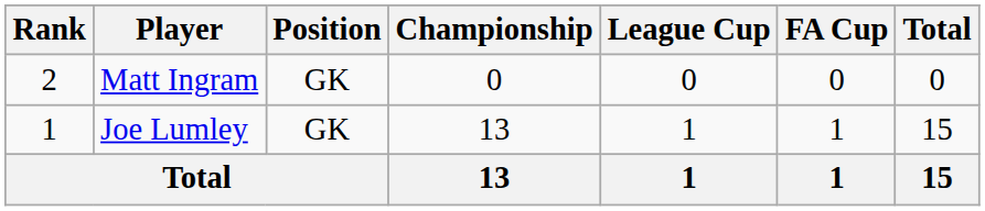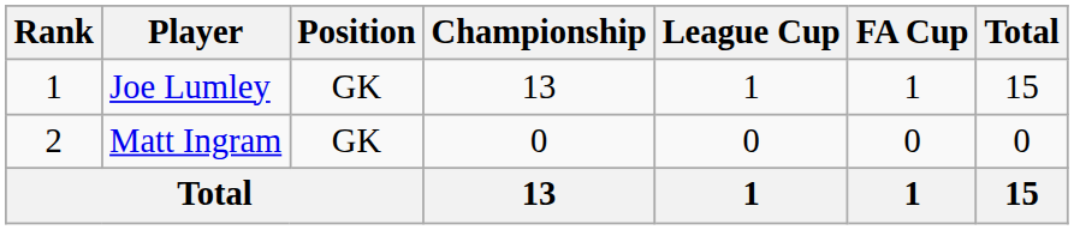 <table class="wikitable">
 <tr>
 <th>Rank</th>
 <th>Player</th>
 <th>Position</th>
 <th>Championship</th>
 <th>League Cup</th>
 <th>FA Cup</th>
 <th>Total</th>
 </tr>
 <tr>
+<td align=center valign=top rowspan=1>1</td>
+<td> <a href='#'>Joe Lumley</a></td>
+<td align=center>GK</td>
+<td align=center>13</td>
+<td align=center>1</td>
+<td align=center>1</td>
+<td align=center>15</td>
+</tr>
+<tr>
 <td align=center valign=top rowspan=1>2</td>
 <td> <a href='#'>Matt Ingram</a></td>
 <td align=center>GK</td>
 <td align=center>0</td>
 <td align=center>0</td>
 <td align=center>0</td>
 <td align=center>0</td>
 </tr>
 <tr>
-<td align=center valign=top rowspan=1>1</td>
-<td> <a href='#'>Joe Lumley</a></td>
-<td align=center>GK</td>
-<td align=center>13</td>
-<td align=center>1</td>
-<td align=center>1</td>
-<td align=center>15</td>
-</tr>
-<tr>
 <th colspan=3>Total</th>
 <th>13</th>
 <th>1</th>
 <th>1</th>
 <th>15</th>
 </tr>
 </table>
